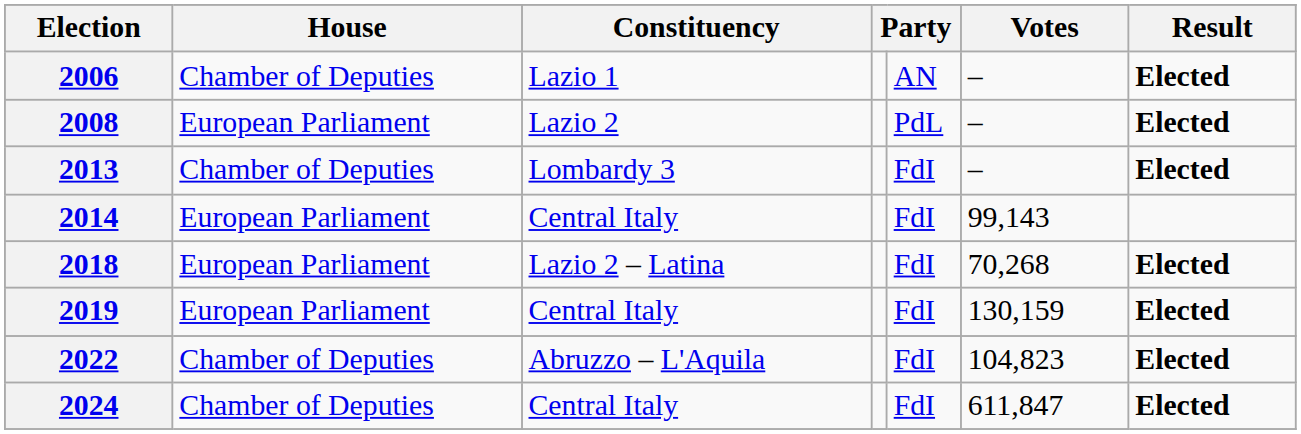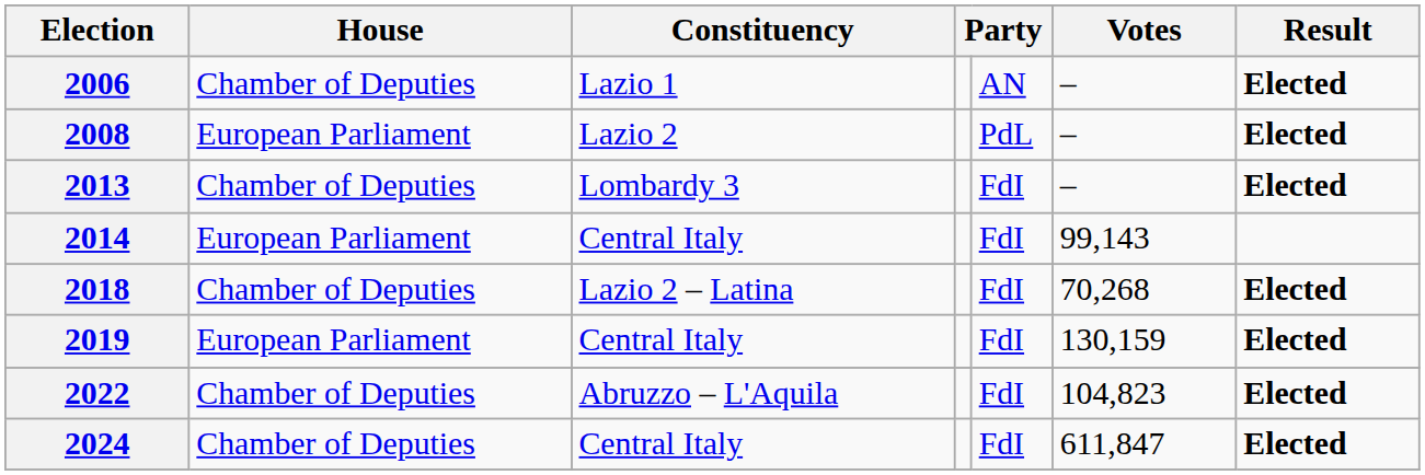 <table class="wikitable" style="width:55%; border:1px #AAAAFF solid">
 <tr>
 <th width="12%">Election</th>
 <th width="25%">House</th>
 <th width="25%">Constituency</th>
 <th width="5%" colspan="2">Party</th>
 <th width="12%">Votes</th>
 <th width="12%">Result</th>
 </tr>
 <tr>
 <th><a href='#'>2006</a></th>
 <td><a href='#'>Chamber of Deputies</a></td>
 <td><a href='#'>Lazio 1</a></td>
 <td></td>
 <td><a href='#'>AN</a></td>
 <td>–</td>
 <td> <strong>Elected</strong></td>
 </tr>
 <tr>
 <th><a href='#'>2008</a></th>
 <td><a href='#'>European Parliament</a></td>
 <td><a href='#'>Lazio 2</a></td>
 <td></td>
 <td><a href='#'>PdL</a></td>
 <td>–</td>
 <td> <strong>Elected</strong></td>
 </tr>
 <tr>
 <th><a href='#'>2013</a></th>
 <td><a href='#'>Chamber of Deputies</a></td>
 <td><a href='#'>Lombardy 3</a></td>
 <td></td>
 <td><a href='#'>FdI</a></td>
 <td>–</td>
 <td> <strong>Elected</strong></td>
 </tr>
 <tr>
 <th><a href='#'>2014</a></th>
 <td><a href='#'>European Parliament</a></td>
 <td><a href='#'>Central Italy</a></td>
 <td></td>
 <td><a href='#'>FdI</a></td>
 <td>99,143</td>
 <td></td>
 </tr>
 <tr>
 <th><a href='#'>2018</a></th>
-<td><a href='#'>European Parliament</a></td>
+<td><a href='#'>Chamber of Deputies</a></td>
 <td><a href='#'>Lazio 2</a> – <a href='#'>Latina</a></td>
 <td></td>
 <td><a href='#'>FdI</a></td>
 <td>70,268</td>
 <td> <strong>Elected</strong></td>
 </tr>
 <tr>
 <th><a href='#'>2019</a></th>
 <td><a href='#'>European Parliament</a></td>
 <td><a href='#'>Central Italy</a></td>
 <td></td>
 <td><a href='#'>FdI</a></td>
 <td>130,159</td>
 <td> <strong>Elected</strong></td>
 </tr>
 <tr>
 <th><a href='#'>2022</a></th>
 <td><a href='#'>Chamber of Deputies</a></td>
 <td><a href='#'>Abruzzo</a> – <a href='#'>L'Aquila</a></td>
 <td></td>
 <td><a href='#'>FdI</a></td>
 <td>104,823</td>
 <td> <strong>Elected</strong></td>
 </tr>
 <tr>
 <th><a href='#'>2024</a></th>
 <td><a href='#'>Chamber of Deputies</a></td>
 <td><a href='#'>Central Italy</a></td>
 <td></td>
 <td><a href='#'>FdI</a></td>
 <td>611,847</td>
 <td> <strong>Elected</strong></td>
 </tr>
 </table>
